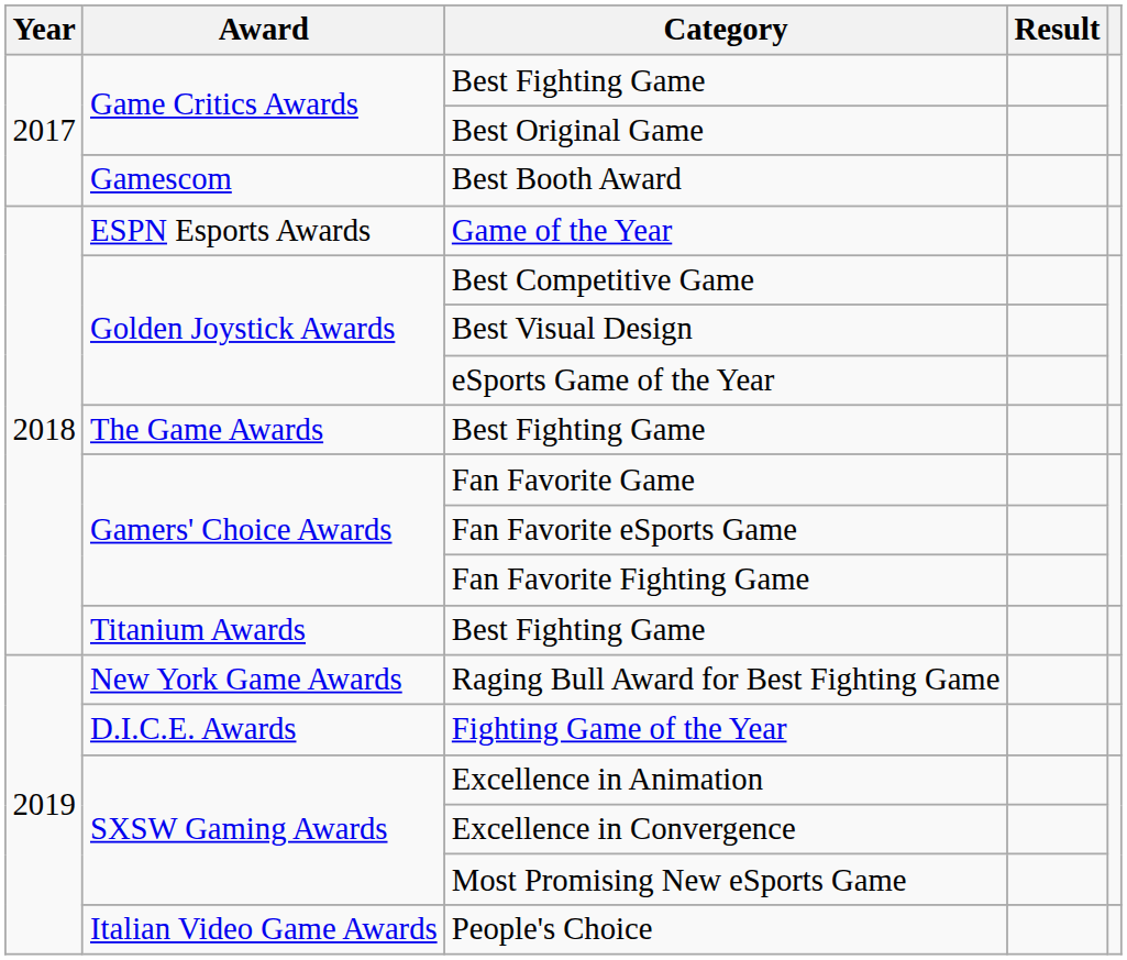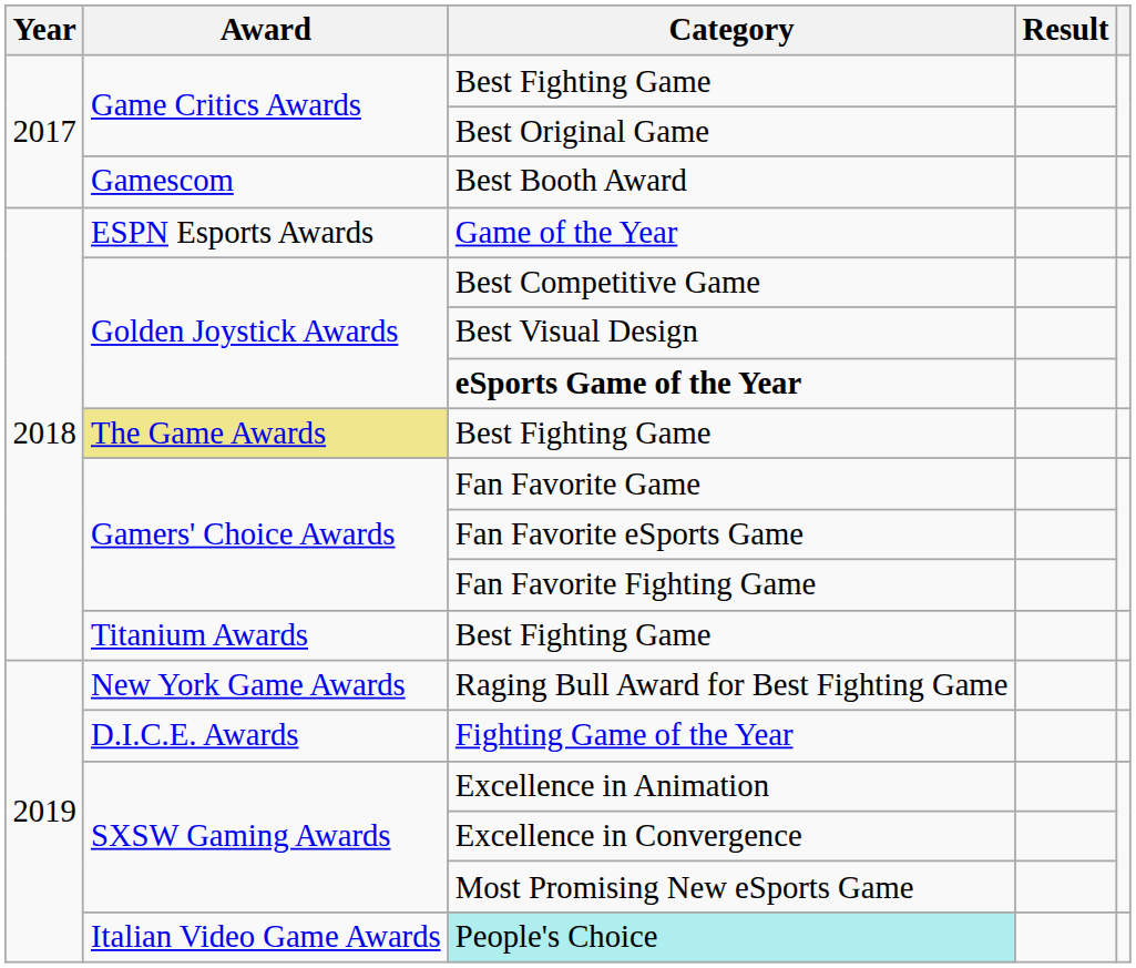 <table class="wikitable sortable">
 <tr>
 <th>Year</th>
 <th>Award</th>
 <th>Category</th>
 <th>Result</th>
 <th></th>
 </tr>
 <tr>
 <td style="text-align:center;" rowspan="3">2017</td>
 <td rowspan="2"><a href='#'>Game Critics Awards</a></td>
 <td>Best Fighting Game</td>
 <td></td>
 <td rowspan="2" style="text-align:center;"></td>
 </tr>
 <tr>
 <td>Best Original Game</td>
 <td></td>
 </tr>
 <tr>
 <td><a href='#'>Gamescom</a></td>
 <td>Best Booth Award</td>
 <td></td>
 <td style="text-align:center;"></td>
 </tr>
 <tr>
 <td style="text-align:center;" rowspan="9">2018</td>
 <td><a href='#'>ESPN</a> Esports Awards</td>
 <td><a href='#'>Game of the Year</a></td>
 <td></td>
 <td style="text-align:center;"></td>
 </tr>
 <tr>
 <td rowspan="3"><a href='#'>Golden Joystick Awards</a></td>
 <td>Best Competitive Game</td>
 <td></td>
 <td rowspan="3" style="text-align:center;"></td>
 </tr>
 <tr>
 <td>Best Visual Design</td>
 <td></td>
 </tr>
 <tr>
-<td>eSports Game of the Year</td>
+<td><strong>eSports Game of the Year</strong></td>
 <td></td>
 </tr>
 <tr>
-<td><a href='#'>The Game Awards</a></td>
+<td style="background: khaki;"><a href='#'>The Game Awards</a></td>
 <td>Best Fighting Game</td>
 <td></td>
 <td style="text-align:center;"></td>
 </tr>
 <tr>
 <td rowspan="3"><a href='#'>Gamers' Choice Awards</a></td>
 <td>Fan Favorite Game</td>
 <td></td>
 <td rowspan="3" style="text-align:center;"></td>
 </tr>
 <tr>
 <td>Fan Favorite eSports Game</td>
 <td></td>
 </tr>
 <tr>
 <td>Fan Favorite Fighting Game</td>
 <td></td>
 </tr>
 <tr>
 <td><a href='#'>Titanium Awards</a></td>
 <td>Best Fighting Game</td>
 <td></td>
 <td style="text-align:center;"></td>
 </tr>
 <tr>
 <td style="text-align:center;" rowspan="6">2019</td>
 <td><a href='#'>New York Game Awards</a></td>
 <td>Raging Bull Award for Best Fighting Game</td>
 <td></td>
 <td style="text-align:center;"></td>
 </tr>
 <tr>
 <td><a href='#'>D.I.C.E. Awards</a></td>
 <td><a href='#'>Fighting Game of the Year</a></td>
 <td></td>
 <td style="text-align:center;"></td>
 </tr>
 <tr>
 <td rowspan="3"><a href='#'>SXSW Gaming Awards</a></td>
 <td>Excellence in Animation</td>
 <td></td>
 <td rowspan="3" style="text-align:center;"></td>
 </tr>
 <tr>
 <td>Excellence in Convergence</td>
 <td></td>
 </tr>
 <tr>
 <td>Most Promising New eSports Game</td>
 <td></td>
 </tr>
 <tr>
 <td><a href='#'>Italian Video Game Awards</a></td>
-<td>People's Choice</td>
+<td style="background: paleturquoise;">People's Choice</td>
 <td></td>
 <td style="text-align:center;"></td>
 </tr>
 </table>
